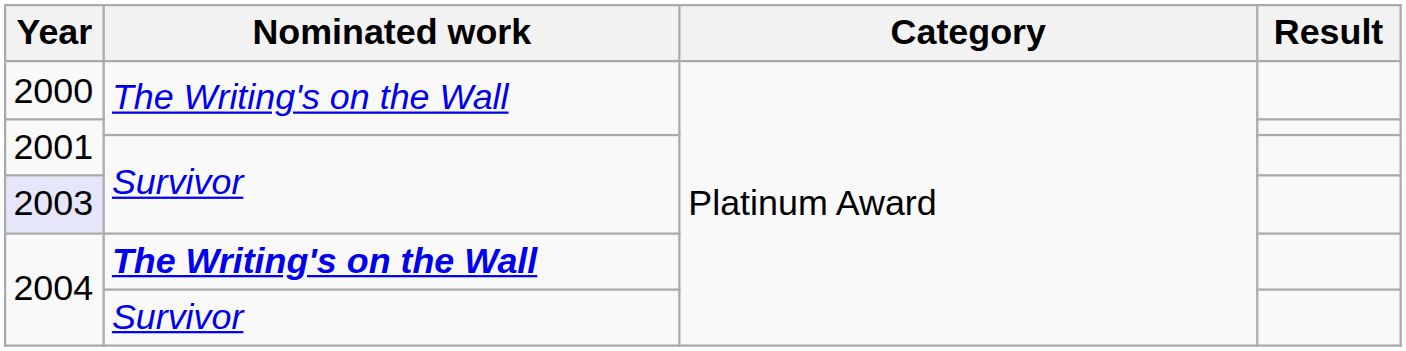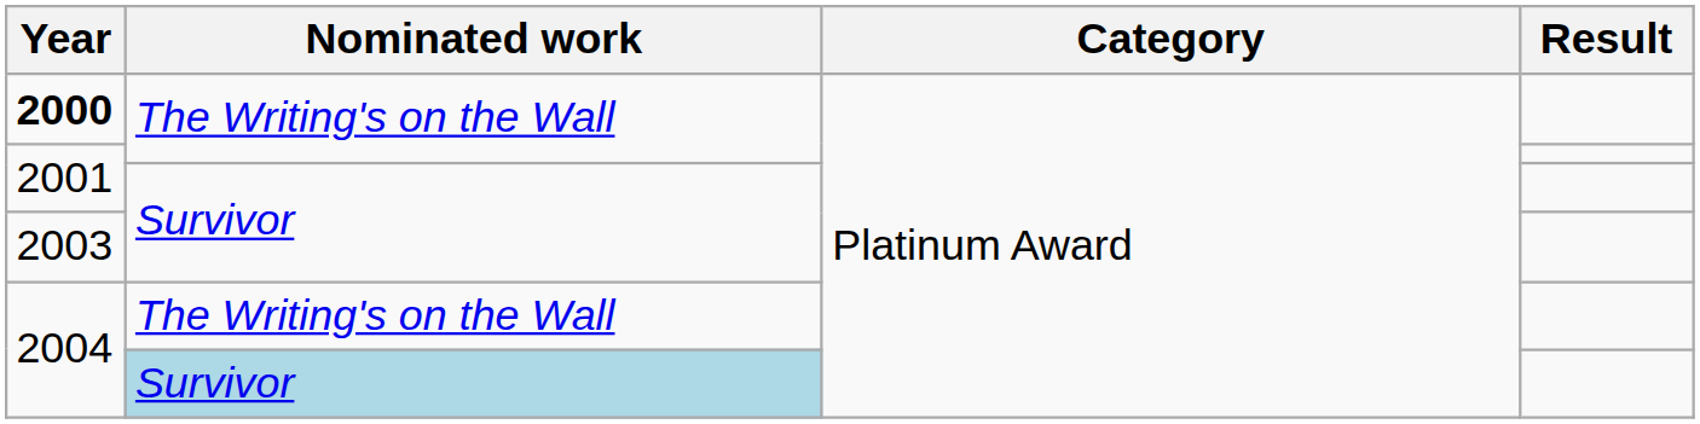 <table class="wikitable" width="100%">
 <tr>
 <th width="5%">Year</th>
 <th width="40%">Nominated work</th>
 <th width="40%">Category</th>
 <th width="10%">Result</th>
 </tr>
 <tr>
-<td>2000</td>
+<td><strong>2000</strong></td>
 <td rowspan="2"><em><a href='#'>The Writing's on the Wall</a></em></td>
 <td rowspan="6">Platinum Award</td>
 <td></td>
 </tr>
 <tr>
 <td rowspan="2">2001</td>
 <td></td>
 </tr>
 <tr>
 <td rowspan="2"><em><a href='#'>Survivor</a></em></td>
 <td></td>
 </tr>
 <tr>
-<td style="background: lavender;">2003</td>
+<td>2003</td>
 <td></td>
 </tr>
 <tr>
 <td rowspan="2">2004</td>
-<td><strong><em><a href='#'>The Writing's on the Wall</a></em></strong></td>
+<td><em><a href='#'>The Writing's on the Wall</a></em></td>
 <td></td>
 </tr>
 <tr>
-<td><em><a href='#'>Survivor</a></em></td>
+<td style="background: lightblue;"><em><a href='#'>Survivor</a></em></td>
 <td></td>
 </tr>
 </table>
